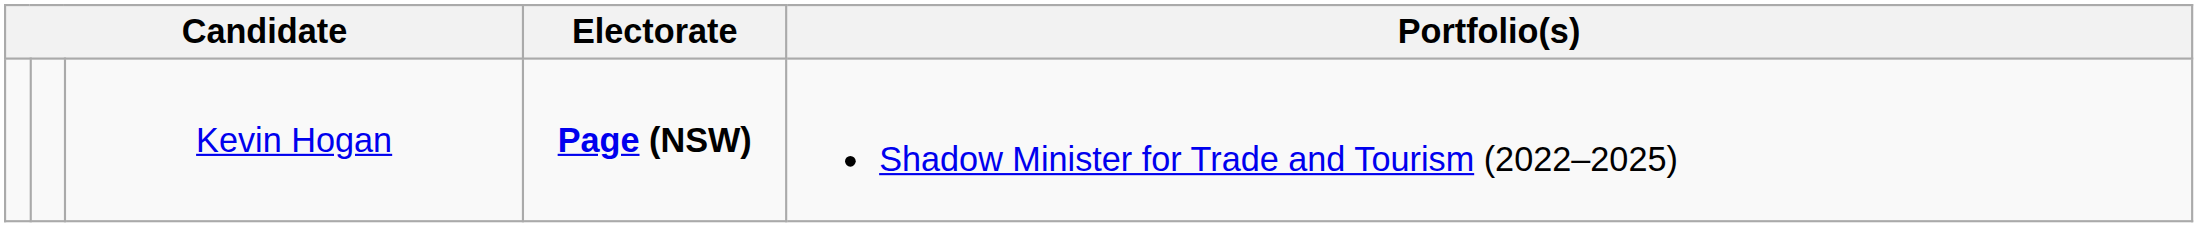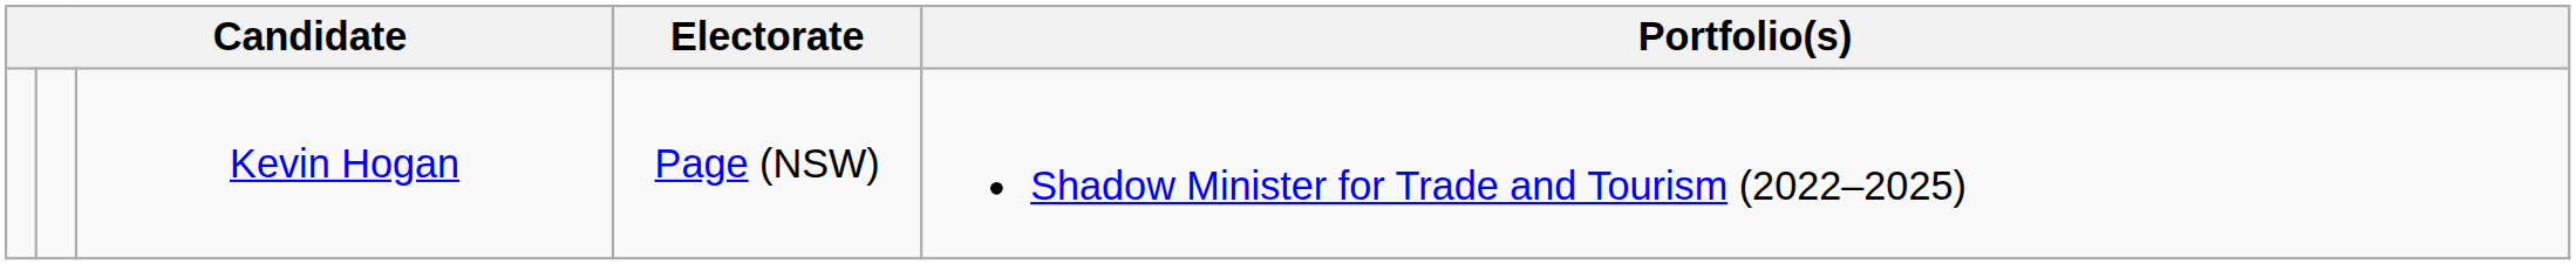 <table class="wikitable" style="text-align:center">
 <tr>
 <th width=235px; colspan=3>Candidate</th>
 <th width=115px>Electorate</th>
 <th width=650px>Portfolio(s)</th>
 </tr>
 <tr>
 <td width="3pt" > </td>
 <td></td>
 <td><a href='#'>Kevin Hogan</a></td>
-<td><strong><a href='#'>Page</a> (NSW)</strong></td>
+<td><a href='#'>Page</a> (NSW)</td>
 <td align=left><br><ul><li><a href='#'>Shadow Minister for Trade and Tourism</a> (2022–2025)</li></ul></td>
 </tr>
 </table>
